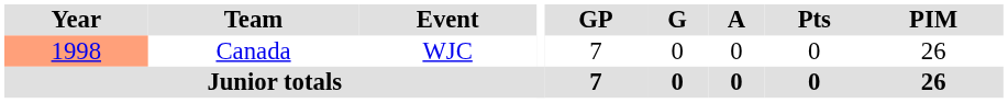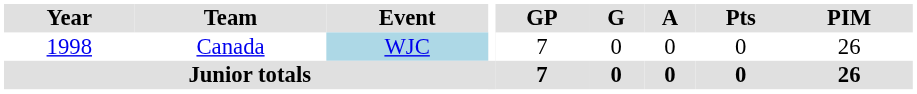 <table border="0" cellpadding="1" cellspacing="0" ID="Table3" style="text-align:center; width:40em">
 <tr bgcolor="#e0e0e0">
 <th>Year</th>
 <th>Team</th>
 <th>Event</th>
 <th rowspan="102" bgcolor="#ffffff"></th>
 <th>GP</th>
 <th>G</th>
 <th>A</th>
 <th>Pts</th>
 <th>PIM</th>
 </tr>
 <tr>
-<td style="background: lightsalmon;"><a href='#'>1998</a></td>
+<td><a href='#'>1998</a></td>
 <td><a href='#'>Canada</a></td>
-<td><a href='#'>WJC</a></td>
+<td style="background: lightblue;"><a href='#'>WJC</a></td>
 <td>7</td>
 <td>0</td>
 <td>0</td>
 <td>0</td>
 <td>26</td>
 </tr>
 <tr bgcolor="#e0e0e0">
 <th colspan="4">Junior totals</th>
 <th>7</th>
 <th>0</th>
 <th>0</th>
 <th>0</th>
 <th>26</th>
 </tr>
 </table>
